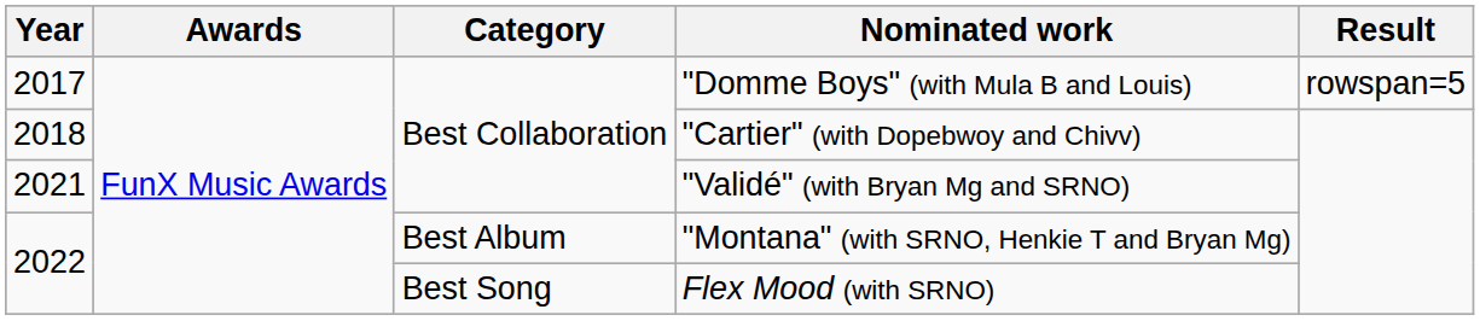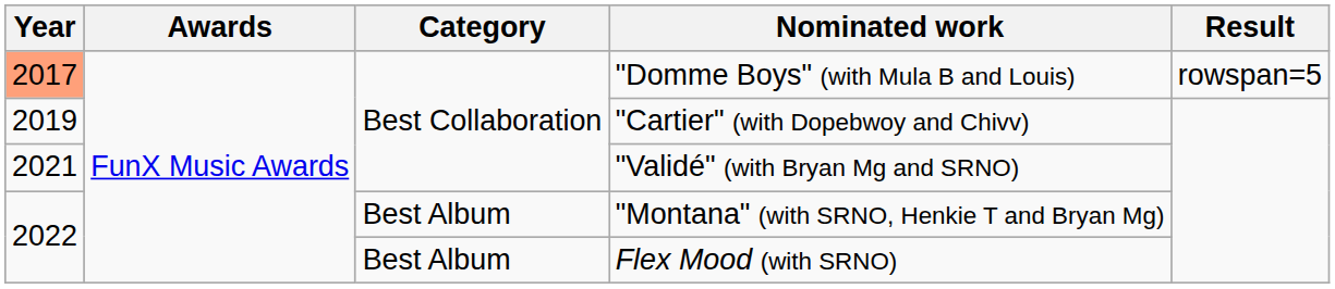 <table class="wikitable sortable">
 <tr>
 <th>Year</th>
 <th>Awards</th>
 <th>Category</th>
 <th>Nominated work</th>
 <th>Result</th>
 </tr>
 <tr>
-<td>2017</td>
+<td style="background: lightsalmon;">2017</td>
 <td rowspan=5><a href='#'>FunX Music Awards</a></td>
 <td rowspan=3>Best Collaboration</td>
 <td>"Domme Boys" <small>(with Mula B and Louis)</small></td>
 <td>rowspan=5 </td>
 </tr>
 <tr>
-<td>2018</td>
+<td>2019</td>
 <td>"Cartier" <small>(with Dopebwoy and Chivv)</small></td>
 </tr>
 <tr>
 <td>2021</td>
 <td>"Validé" <small>(with Bryan Mg and SRNO)</small></td>
 </tr>
 <tr>
 <td rowspan=2>2022</td>
 <td>Best Album</td>
 <td>"Montana" <small>(with SRNO, Henkie T and Bryan Mg)</small></td>
 </tr>
 <tr>
-<td>Best Song</td>
+<td>Best Album</td>
 <td><em>Flex Mood</em> <small>(with SRNO)</small></td>
 </tr>
 </table>
